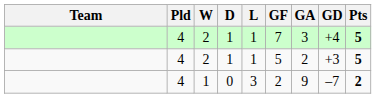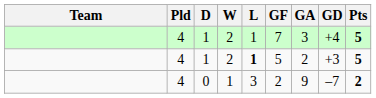 <table class="wikitable" style="text-align:center;">
 <tr>
 <th width=180>Team</th>
 <th width=20>Pld</th>
+<th width=20>D</th>
 <th width=20>W</th>
-<th width=20>D</th>
 <th width=20>L</th>
 <th width=20>GF</th>
 <th width=20>GA</th>
 <th width=20>GD</th>
 <th width=20>Pts</th>
 </tr>
 <tr bgcolor="ccffcc">
 <td align="left"></td>
 <td>4</td>
+<td>1</td>
 <td>2</td>
-<td>1</td>
 <td>1</td>
 <td>7</td>
 <td>3</td>
 <td>+4</td>
 <td><strong>5</strong></td>
 </tr>
 <tr>
 <td align="left"></td>
 <td>4</td>
+<td>1</td>
 <td>2</td>
-<td>1</td>
-<td>1</td>
+<td><strong>1</strong></td>
 <td>5</td>
 <td>2</td>
 <td>+3</td>
 <td><strong>5</strong></td>
 </tr>
 <tr>
 <td align="left"></td>
 <td>4</td>
+<td>0</td>
 <td>1</td>
-<td>0</td>
 <td>3</td>
 <td>2</td>
 <td>9</td>
 <td>–7</td>
 <td><strong>2</strong></td>
 </tr>
 </table>
